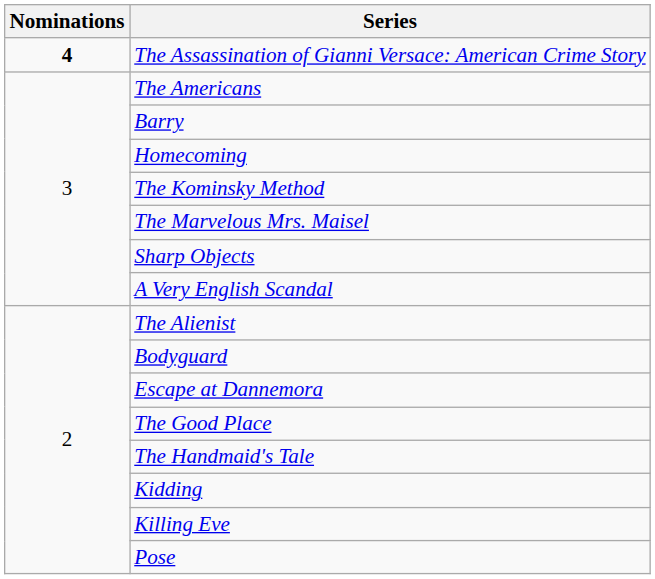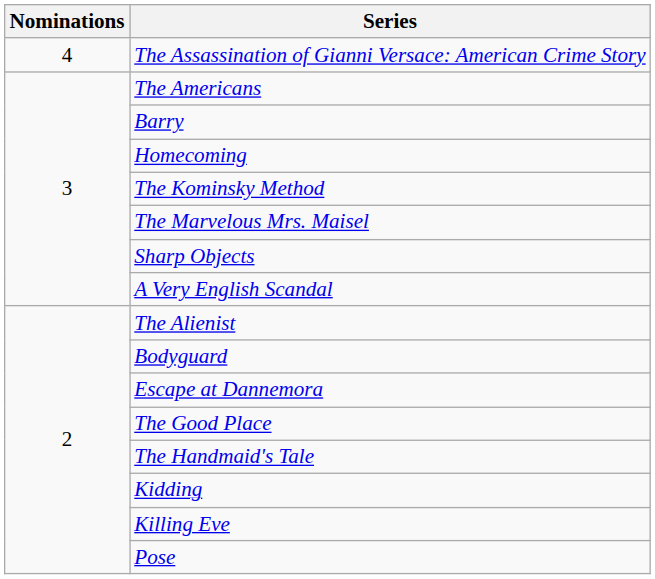 <table class="wikitable">
 <tr>
 <th scope="col" style="width:55px;">Nominations</th>
 <th scope="col" style="text-align:center;">Series</th>
 </tr>
 <tr>
-<td style="text-align:center"><strong>4</strong></td>
+<td style="text-align:center">4</td>
 <td><em><a href='#'>The Assassination of Gianni Versace: American Crime Story</a></em></td>
 </tr>
 <tr>
 <td rowspan="7" style="text-align:center">3</td>
 <td><em><a href='#'>The Americans</a></em></td>
 </tr>
 <tr>
 <td><em><a href='#'>Barry</a></em></td>
 </tr>
 <tr>
 <td><em><a href='#'>Homecoming</a></em></td>
 </tr>
 <tr>
 <td><em><a href='#'>The Kominsky Method</a></em></td>
 </tr>
 <tr>
 <td><em><a href='#'>The Marvelous Mrs. Maisel</a></em></td>
 </tr>
 <tr>
 <td><em><a href='#'>Sharp Objects</a></em></td>
 </tr>
 <tr>
 <td><em><a href='#'>A Very English Scandal</a></em></td>
 </tr>
 <tr>
 <td rowspan="8" style="text-align:center">2</td>
 <td><em><a href='#'>The Alienist</a></em></td>
 </tr>
 <tr>
 <td><em><a href='#'>Bodyguard</a></em></td>
 </tr>
 <tr>
 <td><em><a href='#'>Escape at Dannemora</a></em></td>
 </tr>
 <tr>
 <td><em><a href='#'>The Good Place</a></em></td>
 </tr>
 <tr>
 <td><em><a href='#'>The Handmaid's Tale</a></em></td>
 </tr>
 <tr>
 <td><em><a href='#'>Kidding</a></em></td>
 </tr>
 <tr>
 <td><em><a href='#'>Killing Eve</a></em></td>
 </tr>
 <tr>
 <td><em><a href='#'>Pose</a></em></td>
 </tr>
 </table>
